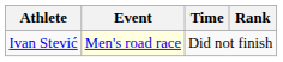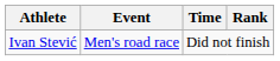 <table class=wikitable style="font-size:90%">
 <tr>
 <th>Athlete</th>
 <th>Event</th>
 <th>Time</th>
 <th>Rank</th>
 </tr>
 <tr align=center>
 <td align=left><a href='#'>Ivan Stević</a></td>
-<td align=left style="background: lightyellow;"><a href='#'>Men's road race</a></td>
+<td align=left><a href='#'>Men's road race</a></td>
 <td colspan=2>Did not finish</td>
 </tr>
 </table>
